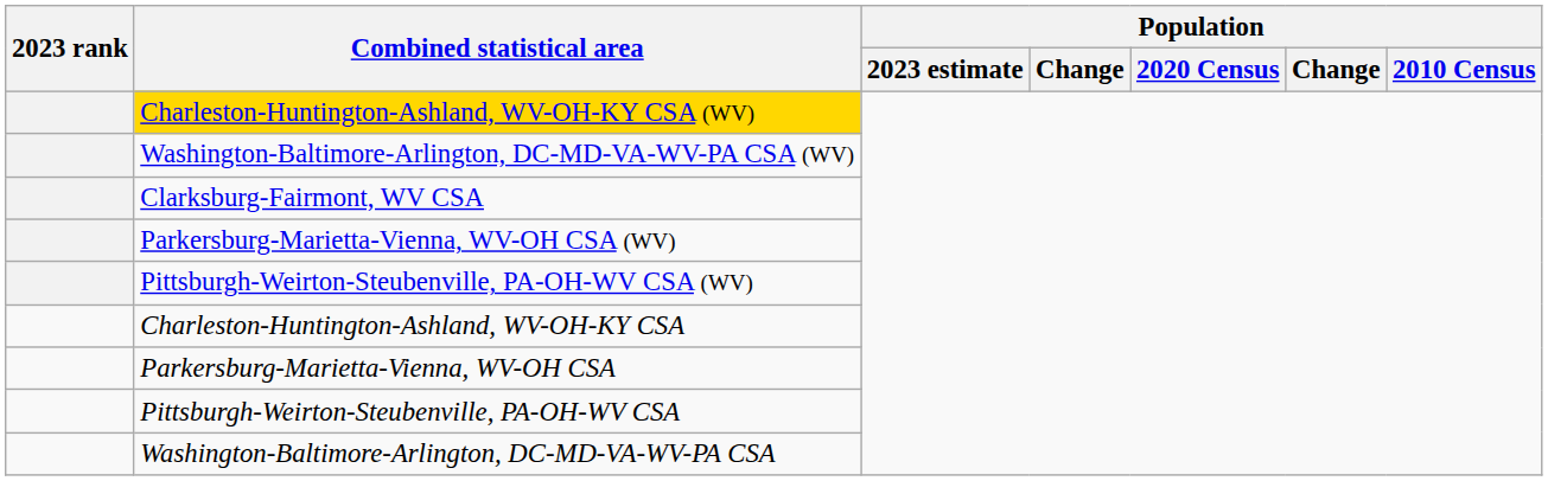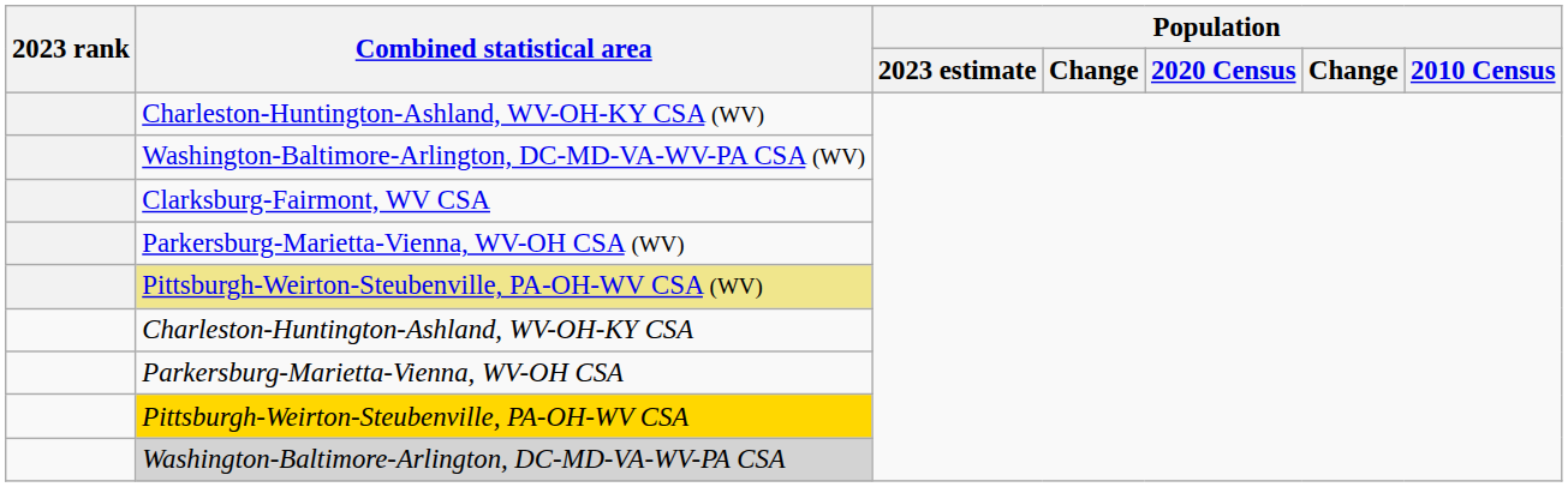 <table class="wikitable sortable">
 <tr>
 <th scope=col rowspan=2>2023 rank</th>
 <th scope=col rowspan=2><a href='#'>Combined statistical area</a></th>
 <th colspan=5>Population</th>
 </tr>
 <tr>
 <th scope=col>2023 estimate</th>
 <th scope=col>Change</th>
 <th scope=col><a href='#'>2020 Census</a></th>
 <th scope=col>Change</th>
 <th scope=col><a href='#'>2010 Census</a></th>
 </tr>
 <tr>
 <th scope=row></th>
-<td style="background: gold;"><a href='#'>Charleston-Huntington-Ashland, WV-OH-KY CSA</a> <small>(WV)</small><br></td>
+<td><a href='#'>Charleston-Huntington-Ashland, WV-OH-KY CSA</a> <small>(WV)</small><br></td>
 </tr>
 <tr>
 <th scope=row></th>
 <td><a href='#'>Washington-Baltimore-Arlington, DC-MD-VA-WV-PA CSA</a> <small>(WV)</small><br></td>
 </tr>
 <tr>
 <th scope=row></th>
 <td><a href='#'>Clarksburg-Fairmont, WV CSA</a><br></td>
 </tr>
 <tr>
 <th scope=row></th>
 <td><a href='#'>Parkersburg-Marietta-Vienna, WV-OH CSA</a> <small>(WV)</small><br></td>
 </tr>
 <tr>
 <th scope=row></th>
-<td><a href='#'>Pittsburgh-Weirton-Steubenville, PA-OH-WV CSA</a> <small>(WV)</small><br></td>
+<td style="background: khaki;"><a href='#'>Pittsburgh-Weirton-Steubenville, PA-OH-WV CSA</a> <small>(WV)</small><br></td>
 </tr>
 <tr>
 <td></td>
 <td><em><span>Charleston-Huntington-Ashland, WV-OH-KY CSA</span></em><br></td>
 </tr>
 <tr>
 <td></td>
 <td><em><span>Parkersburg-Marietta-Vienna, WV-OH CSA</span></em><br></td>
 </tr>
 <tr>
 <td></td>
-<td><em><span>Pittsburgh-Weirton-Steubenville, PA-OH-WV CSA</span></em><br></td>
+<td style="background: gold;"><em><span>Pittsburgh-Weirton-Steubenville, PA-OH-WV CSA</span></em><br></td>
 </tr>
 <tr>
 <td></td>
-<td><em><span>Washington-Baltimore-Arlington, DC-MD-VA-WV-PA CSA</span></em><br></td>
+<td style="background: lightgrey;"><em><span>Washington-Baltimore-Arlington, DC-MD-VA-WV-PA CSA</span></em><br></td>
 </tr>
 </table>
